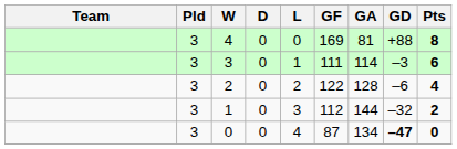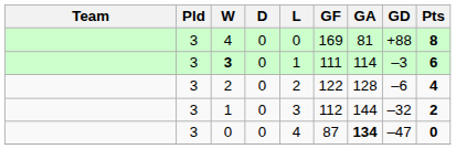 <table class="wikitable" style="text-align: center;">
 <tr>
 <th width="180">Team</th>
 <th width="30">Pld</th>
 <th width="30">W</th>
 <th width="30">D</th>
 <th width="30">L</th>
 <th width="30">GF</th>
 <th width="30">GA</th>
 <th width="30">GD</th>
 <th width="30">Pts</th>
 </tr>
 <tr bgcolor=#CCFFCC>
 <td align="left"></td>
 <td>3</td>
 <td>4</td>
 <td>0</td>
 <td>0</td>
 <td>169</td>
 <td>81</td>
 <td>+88</td>
 <td><strong>8</strong></td>
 </tr>
 <tr bgcolor=#CCFFCC>
 <td align="left"></td>
 <td>3</td>
-<td>3</td>
+<td><strong>3</strong></td>
 <td>0</td>
 <td>1</td>
 <td>111</td>
 <td>114</td>
 <td>–3</td>
 <td><strong>6</strong></td>
 </tr>
 <tr>
 <td align="left"></td>
 <td>3</td>
 <td>2</td>
 <td>0</td>
 <td>2</td>
 <td>122</td>
 <td>128</td>
 <td>–6</td>
 <td><strong>4</strong></td>
 </tr>
 <tr>
 <td align="left"></td>
 <td>3</td>
 <td>1</td>
 <td>0</td>
 <td>3</td>
 <td>112</td>
 <td>144</td>
 <td>–32</td>
 <td><strong>2</strong></td>
 </tr>
 <tr>
 <td align="left"></td>
 <td>3</td>
 <td>0</td>
 <td>0</td>
 <td>4</td>
 <td>87</td>
-<td>134</td>
-<td><strong>–47</strong></td>
+<td><strong>134</strong></td>
+<td>–47</td>
 <td><strong>0</strong></td>
 </tr>
 <tr>
 </tr>
 </table>
